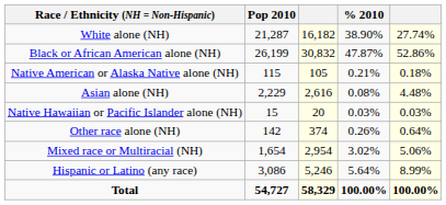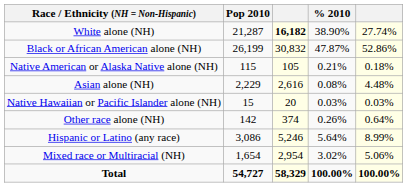 <table class="wikitable" style="text-align:center;">
 <tr>
 <th>Race / Ethnicity <small>(<em>NH = Non-Hispanic</em>)</small></th>
 <th>Pop 2010</th>
 <th></th>
 <th>% 2010</th>
 <th></th>
 </tr>
 <tr>
 <td><a href='#'>White</a> alone (NH)</td>
 <td>21,287</td>
-<td style='background: #ffffe6;'>16,182</td>
+<td style='background: #ffffe6;'><strong>16,182</strong></td>
 <td>38.90%</td>
 <td style='background: #ffffe6;'>27.74%</td>
 </tr>
 <tr>
 <td><a href='#'>Black or African American</a> alone (NH)</td>
 <td>26,199</td>
 <td style='background: #ffffe6;'>30,832</td>
 <td>47.87%</td>
 <td style='background: #ffffe6;'>52.86%</td>
 </tr>
 <tr>
 <td><a href='#'>Native American</a> or <a href='#'>Alaska Native</a> alone (NH)</td>
 <td>115</td>
 <td style='background: #ffffe6;'>105</td>
 <td>0.21%</td>
 <td style='background: #ffffe6;'>0.18%</td>
 </tr>
 <tr>
 <td><a href='#'>Asian</a> alone (NH)</td>
 <td>2,229</td>
 <td style='background: #ffffe6;'>2,616</td>
 <td>0.08%</td>
 <td style='background: #ffffe6;'>4.48%</td>
 </tr>
 <tr>
 <td><a href='#'>Native Hawaiian</a> or <a href='#'>Pacific Islander</a> alone (NH)</td>
 <td>15</td>
 <td style='background: #ffffe6;'>20</td>
 <td>0.03%</td>
 <td style='background: #ffffe6;'>0.03%</td>
 </tr>
 <tr>
 <td><a href='#'>Other race</a> alone (NH)</td>
 <td>142</td>
 <td style='background: #ffffe6;'>374</td>
 <td>0.26%</td>
 <td style='background: #ffffe6;'>0.64%</td>
 </tr>
 <tr>
+<td><a href='#'>Hispanic or Latino</a> (any race)</td>
+<td>3,086</td>
+<td style='background: #ffffe6;'>5,246</td>
+<td>5.64%</td>
+<td style='background: #ffffe6;'>8.99%</td>
+</tr>
+<tr>
 <td><a href='#'>Mixed race or Multiracial</a> (NH)</td>
 <td>1,654</td>
 <td style='background: #ffffe6;'>2,954</td>
 <td>3.02%</td>
 <td style='background: #ffffe6;'>5.06%</td>
-</tr>
-<tr>
-<td><a href='#'>Hispanic or Latino</a> (any race)</td>
-<td>3,086</td>
-<td style='background: #ffffe6;'>5,246</td>
-<td>5.64%</td>
-<td style='background: #ffffe6;'>8.99%</td>
 </tr>
 <tr>
 <td><strong>Total</strong></td>
 <td><strong>54,727</strong></td>
 <td style='background: #ffffe6;'><strong>58,329</strong></td>
 <td><strong>100.00%</strong></td>
 <td style='background: #ffffe6;'><strong>100.00%</strong></td>
 </tr>
 </table>
